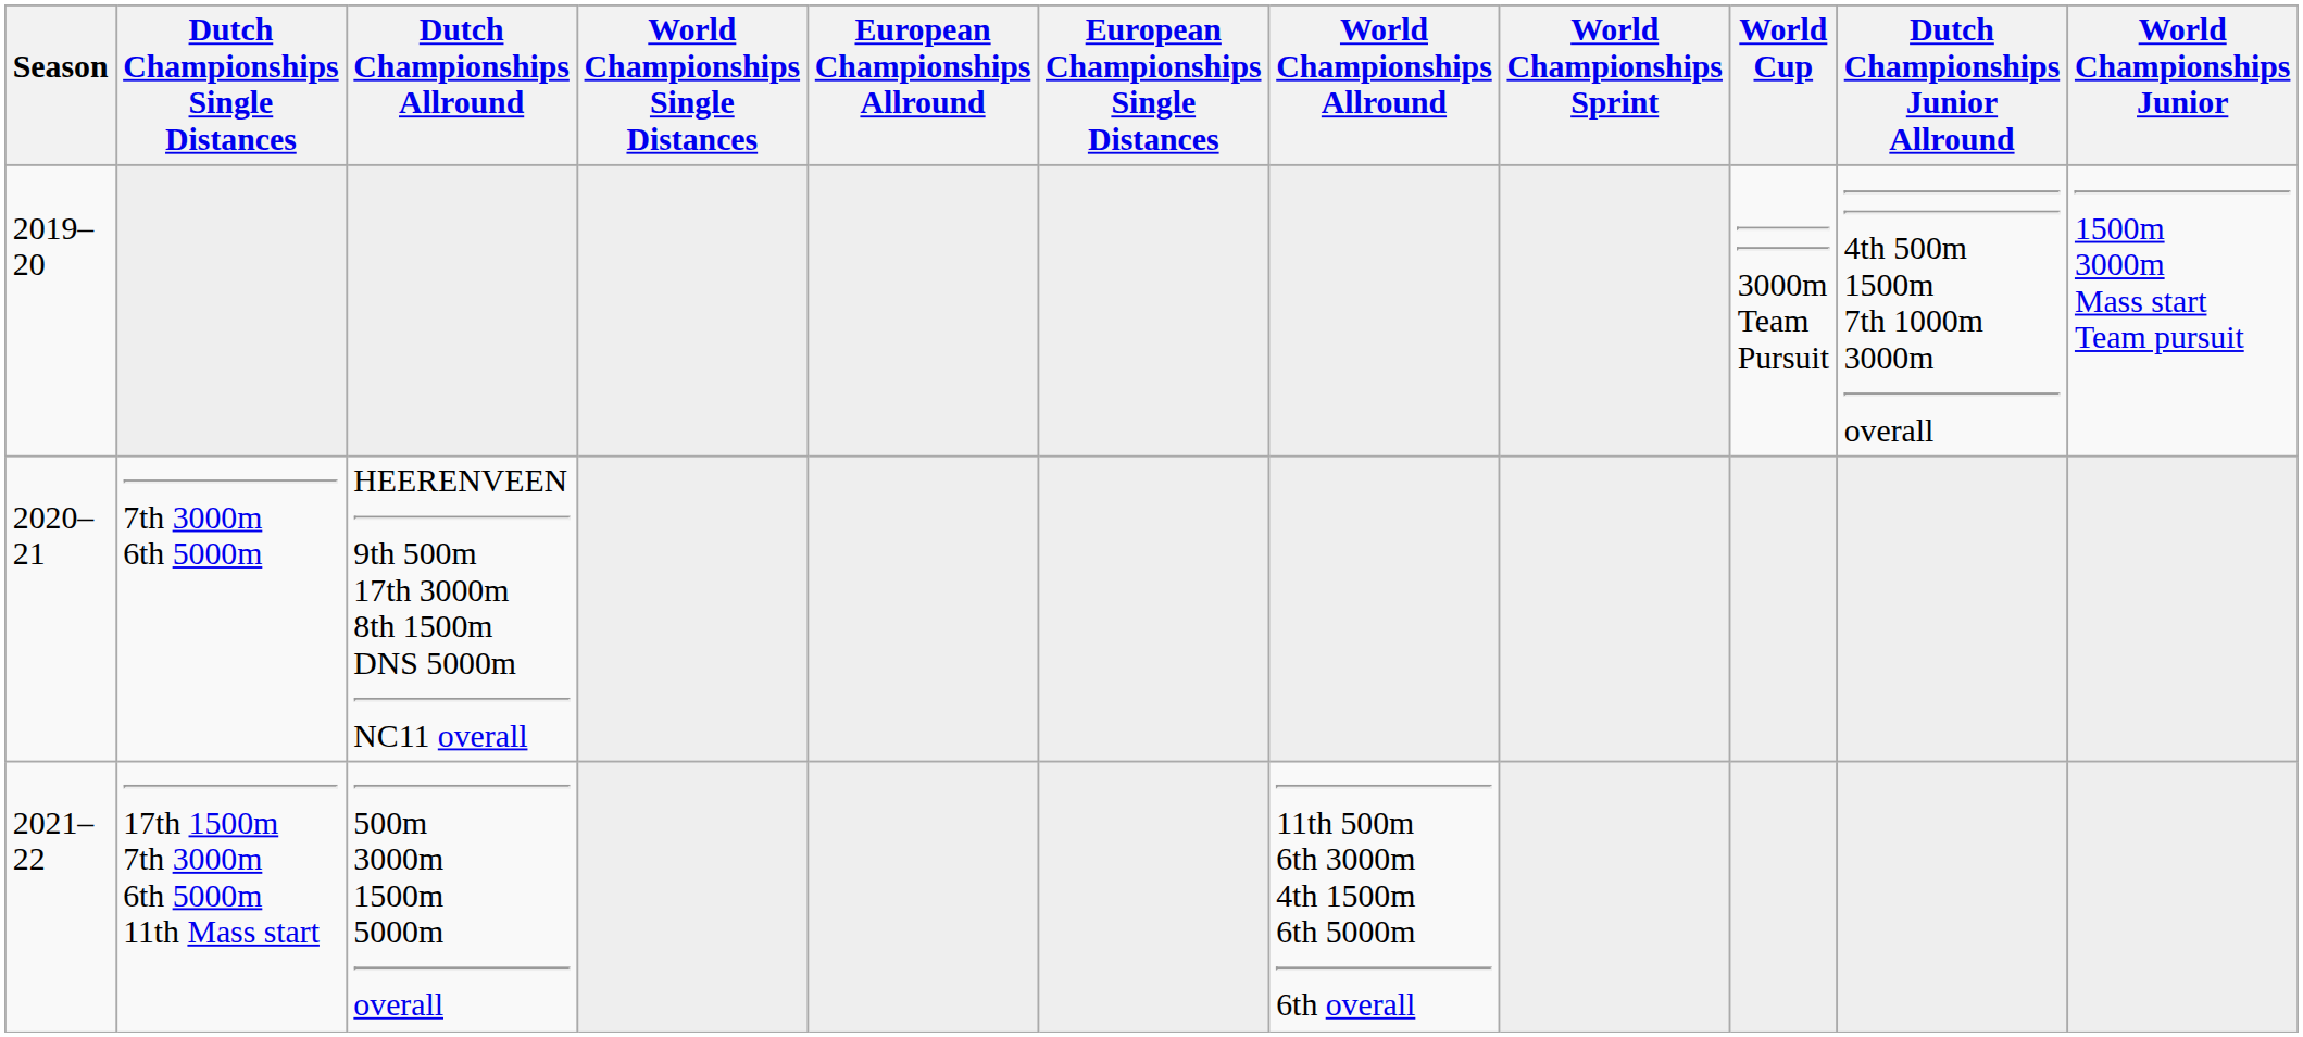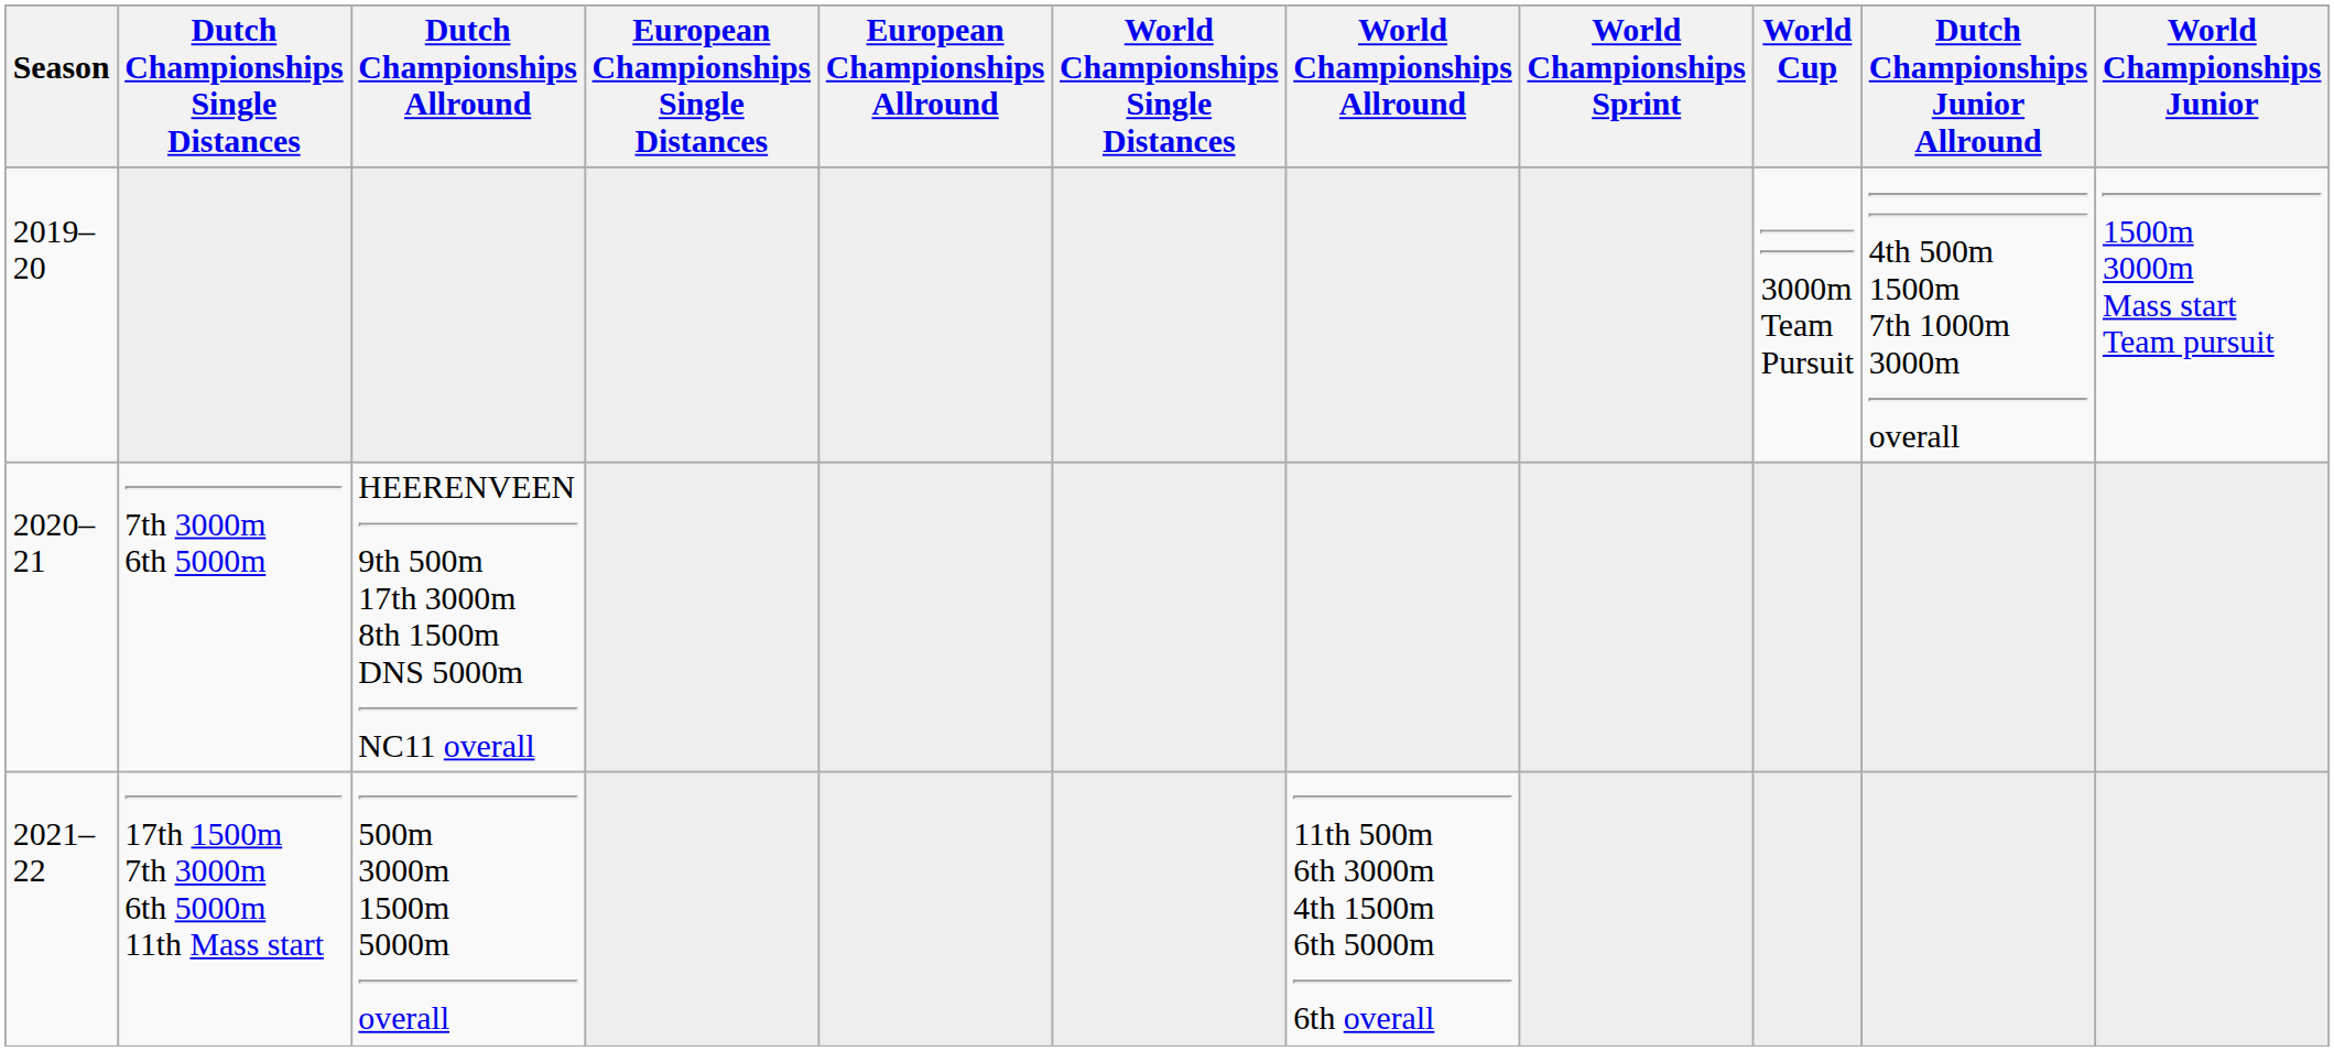 <table class="wikitable">
 <tr style="vertical-align: top;">
 <th><br> Season</th>
 <th><a href='#'>Dutch <br> Championships <br> Single <br> Distances</a></th>
 <th><a href='#'>Dutch <br> Championships <br> Allround</a></th>
+<th><a href='#'>European <br> Championships <br> Single <br> Distances</a></th>
+<th><a href='#'>European <br> Championships <br> Allround</a></th>
 <th><a href='#'>World <br> Championships <br> Single <br> Distances</a></th>
-<th><a href='#'>European <br> Championships <br> Allround</a></th>
-<th><a href='#'>European <br> Championships <br> Single <br> Distances</a></th>
 <th><a href='#'>World <br> Championships <br> Allround</a></th>
 <th><a href='#'>World <br> Championships <br> Sprint</a></th>
 <th><a href='#'>World <br> Cup</a></th>
 <th><a href='#'>Dutch <br> Championships <br> Junior <br> Allround</a></th>
 <th><a href='#'>World <br> Championships <br> Junior</a></th>
 </tr>
 <tr style="vertical-align: top;">
 <td><br> 2019–20</td>
 <td bgcolor=#EEEEEE></td>
 <td bgcolor=#EEEEEE></td>
 <td bgcolor=#EEEEEE></td>
 <td bgcolor=#EEEEEE></td>
 <td bgcolor=#EEEEEE></td>
 <td bgcolor=#EEEEEE></td>
 <td bgcolor=#EEEEEE></td>
 <td><br> <hr>  <hr>  3000m <br>  Team Pursuit</td>
 <td> <hr>  <hr> 4th 500m <br>  1500m <br> 7th 1000m <br>  3000m <hr>  overall</td>
 <td> <hr>  <a href='#'>1500m</a> <br>  <a href='#'>3000m</a> <br>  <a href='#'>Mass start</a> <br>  <a href='#'>Team pursuit</a></td>
 </tr>
 <tr style="vertical-align: top;">
 <td><br> 2020–21</td>
 <td> <hr> 7th <a href='#'>3000m</a> <br> 6th <a href='#'>5000m</a></td>
 <td {{center>HEERENVEEN <hr> 9th 500m <br> 17th 3000m <br> 8th 1500m <br> DNS 5000m <hr> NC11 <a href='#'>overall</a></td>
 <td bgcolor=#EEEEEE></td>
 <td bgcolor=#EEEEEE></td>
 <td bgcolor=#EEEEEE></td>
 <td bgcolor=#EEEEEE></td>
 <td bgcolor=#EEEEEE></td>
 <td bgcolor=#EEEEEE></td>
 <td bgcolor=#EEEEEE></td>
 <td bgcolor=#EEEEEE></td>
 </tr>
 <tr style="vertical-align: top;">
 <td><br> 2021–22</td>
 <td> <hr> 17th <a href='#'>1500m</a> <br> 7th <a href='#'>3000m</a> <br> 6th <a href='#'>5000m</a> <br> 11th <a href='#'>Mass start</a></td>
 <td> <hr>  500m <br>  3000m <br>  1500m <br>  5000m <hr>  <a href='#'>overall</a></td>
 <td bgcolor=#EEEEEE></td>
 <td bgcolor=#EEEEEE></td>
 <td bgcolor=#EEEEEE></td>
 <td> <hr> 11th 500m <br> 6th 3000m <br> 4th 1500m <br> 6th 5000m <hr> 6th <a href='#'>overall</a></td>
 <td bgcolor=#EEEEEE></td>
 <td bgcolor=#EEEEEE></td>
 <td bgcolor=#EEEEEE></td>
 <td bgcolor=#EEEEEE></td>
 </tr>
 </table>
